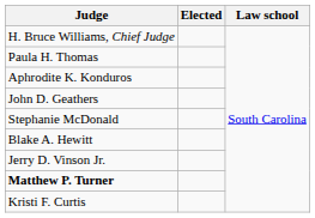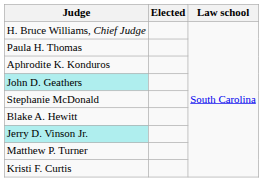 <table class="sortable wikitable">
 <tr>
 <th>Judge</th>
 <th>Elected</th>
 <th>Law school</th>
 </tr>
 <tr>
 <td>H. Bruce Williams, <em>Chief Judge</em></td>
 <td></td>
 <td rowspan=9><a href='#'>South Carolina</a></td>
 </tr>
 <tr>
 <td>Paula H. Thomas</td>
 <td></td>
 </tr>
 <tr>
 <td>Aphrodite K. Konduros</td>
 <td></td>
 </tr>
 <tr>
-<td>John D. Geathers</td>
+<td style="background: paleturquoise;">John D. Geathers</td>
 <td></td>
 </tr>
 <tr>
 <td>Stephanie McDonald</td>
 <td></td>
 </tr>
 <tr>
 <td>Blake A. Hewitt</td>
 <td></td>
 </tr>
 <tr>
-<td>Jerry D. Vinson Jr.</td>
+<td style="background: paleturquoise;">Jerry D. Vinson Jr.</td>
 <td></td>
 </tr>
 <tr>
-<td><strong>Matthew P. Turner</strong></td>
+<td>Matthew P. Turner</td>
 <td></td>
 </tr>
 <tr>
 <td>Kristi F. Curtis</td>
 <td></td>
 </tr>
 </table>
